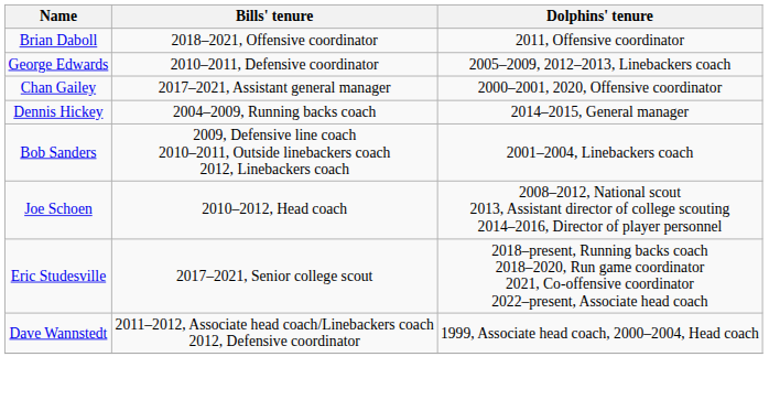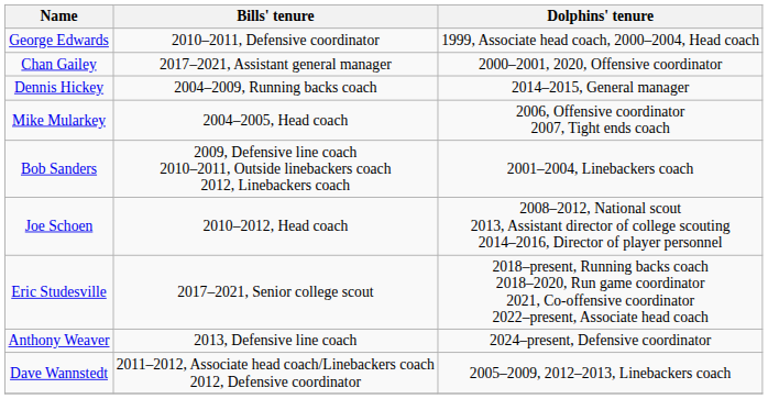 <table class="wikitable" style="text-align: center;">
 <tr>
 <th>Name</th>
 <th>Bills' tenure</th>
 <th>Dolphins' tenure</th>
 </tr>
 <tr>
-<td><a href='#'>Brian Daboll</a></td>
-<td>2018–2021, Offensive coordinator</td>
-<td>2011, Offensive coordinator</td>
-</tr>
-<tr>
 <td><a href='#'>George Edwards</a></td>
 <td>2010–2011, Defensive coordinator</td>
-<td>2005–2009, 2012–2013, Linebackers coach</td>
+<td>1999, Associate head coach, 2000–2004, Head coach</td>
 </tr>
 <tr>
 <td><a href='#'>Chan Gailey</a></td>
 <td>2017–2021, Assistant general manager</td>
 <td>2000–2001, 2020, Offensive coordinator</td>
 </tr>
 <tr>
 <td><a href='#'>Dennis Hickey</a></td>
 <td>2004–2009, Running backs coach</td>
 <td>2014–2015, General manager</td>
+</tr>
+<tr>
+<td><a href='#'>Mike Mularkey</a></td>
+<td>2004–2005, Head coach</td>
+<td>2006, Offensive coordinator<br> 2007, Tight ends coach</td>
 </tr>
 <tr>
 <td><a href='#'>Bob Sanders</a></td>
 <td>2009, Defensive line coach<br>2010–2011, Outside linebackers coach<br>2012, Linebackers coach</td>
 <td>2001–2004, Linebackers coach</td>
 </tr>
 <tr>
 <td><a href='#'>Joe Schoen</a></td>
 <td>2010–2012, Head coach</td>
 <td>2008–2012, National scout<br>2013, Assistant director of college scouting<br>2014–2016, Director of player personnel</td>
 </tr>
 <tr>
 <td><a href='#'>Eric Studesville</a></td>
 <td>2017–2021, Senior college scout</td>
 <td>2018–present, Running backs coach<br>2018–2020, Run game coordinator<br>2021, Co-offensive coordinator<br>2022–present, Associate head coach</td>
 </tr>
 <tr>
+<td><a href='#'>Anthony Weaver</a></td>
+<td>2013, Defensive line coach</td>
+<td>2024–present, Defensive coordinator</td>
+</tr>
+<tr>
 <td><a href='#'>Dave Wannstedt</a></td>
 <td>2011–2012, Associate head coach/Linebackers coach<br>2012, Defensive coordinator</td>
-<td>1999, Associate head coach, 2000–2004, Head coach</td>
+<td>2005–2009, 2012–2013, Linebackers coach</td>
 </tr>
 <tr>
 </tr>
 </table>
